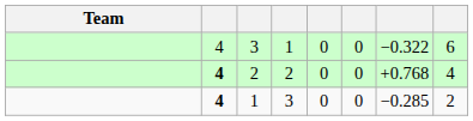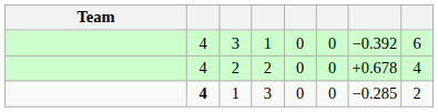 <table class="wikitable" style="text-align:center">
 <tr>
 <th style="width:175px;">Team</th>
 <th style="width:25px;"></th>
 <th style="width:25px;"></th>
 <th style="width:25px;"></th>
 <th style="width:25px;"></th>
 <th style="width:25px;"></th>
 <th style="width:45px;"></th>
 <th style="width:25px;"></th>
 </tr>
 <tr style="background:#cfc;">
 <td align="left"></td>
 <td>4</td>
 <td>3</td>
 <td>1</td>
 <td>0</td>
 <td>0</td>
-<td>−0.322</td>
+<td>−0.392</td>
 <td>6</td>
 </tr>
 <tr style="background:#cfc;">
 <td align="left"></td>
-<td><strong>4</strong></td>
+<td>4</td>
 <td>2</td>
 <td>2</td>
 <td>0</td>
 <td>0</td>
-<td>+0.768</td>
+<td>+0.678</td>
 <td>4</td>
 </tr>
 <tr>
 <td align="left"></td>
 <td><strong>4</strong></td>
 <td>1</td>
 <td>3</td>
 <td>0</td>
 <td>0</td>
 <td>−0.285</td>
 <td>2</td>
 </tr>
 </table>
